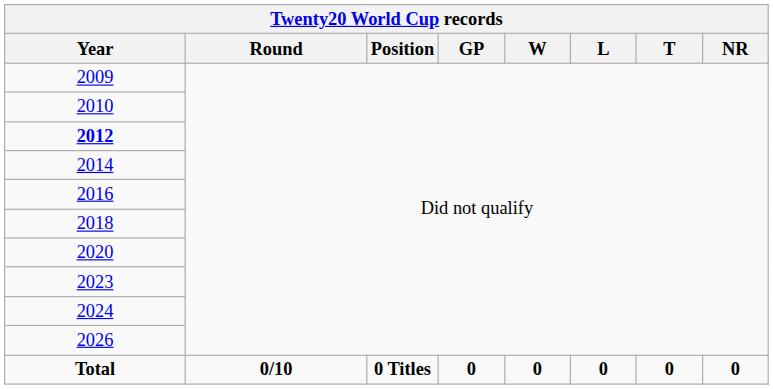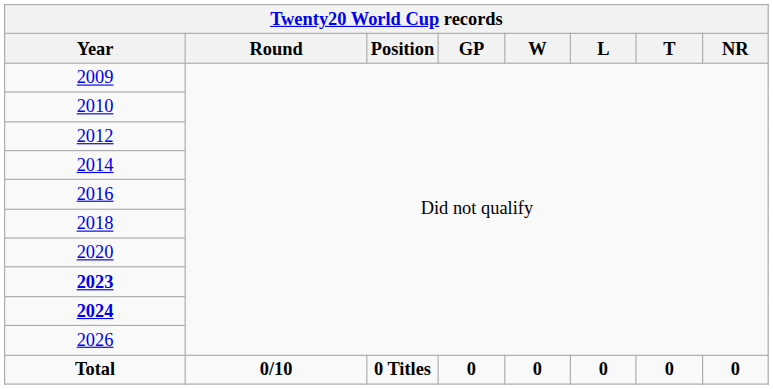 <table class="wikitable" style="text-align: center; width=900px;">
 <tr>
 <th colspan="8"><a href='#'>Twenty20 World Cup</a> records</th>
 </tr>
 <tr>
 <th width=150>Year</th>
 <th width=150>Round</th>
 <th width=50>Position</th>
 <th width=50>GP</th>
 <th width=50>W</th>
 <th width=50>L</th>
 <th width=50>T</th>
 <th width=50>NR</th>
 </tr>
 <tr>
 <td> <a href='#'>2009</a></td>
 <td colspan=7  rowspan=10>Did not qualify</td>
 </tr>
 <tr>
 <td> <a href='#'>2010</a></td>
 </tr>
 <tr>
-<td><strong> <a href='#'>2012</a></strong></td>
+<td> <a href='#'>2012</a></td>
 </tr>
 <tr>
 <td> <a href='#'>2014</a></td>
 </tr>
 <tr>
 <td> <a href='#'>2016</a></td>
 </tr>
 <tr>
 <td> <a href='#'>2018</a></td>
 </tr>
 <tr>
 <td> <a href='#'>2020</a></td>
 </tr>
 <tr>
-<td> <a href='#'>2023</a></td>
+<td><strong> <a href='#'>2023</a></strong></td>
 </tr>
 <tr>
-<td> <a href='#'>2024</a></td>
+<td><strong> <a href='#'>2024</a></strong></td>
 </tr>
 <tr>
 <td> <a href='#'>2026</a></td>
 </tr>
 <tr>
 <td><strong>Total</strong></td>
 <td><strong>0/10</strong></td>
 <td><strong>0 Titles</strong></td>
 <td><strong>0</strong></td>
 <td><strong>0</strong></td>
 <td><strong>0</strong></td>
 <td><strong>0</strong></td>
 <td><strong>0</strong></td>
 </tr>
 </table>
